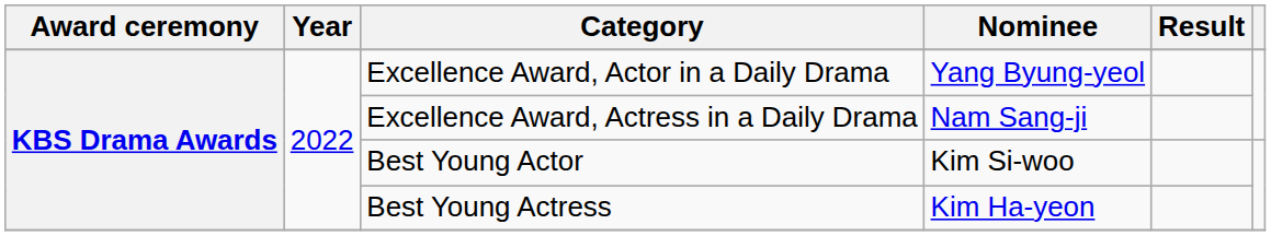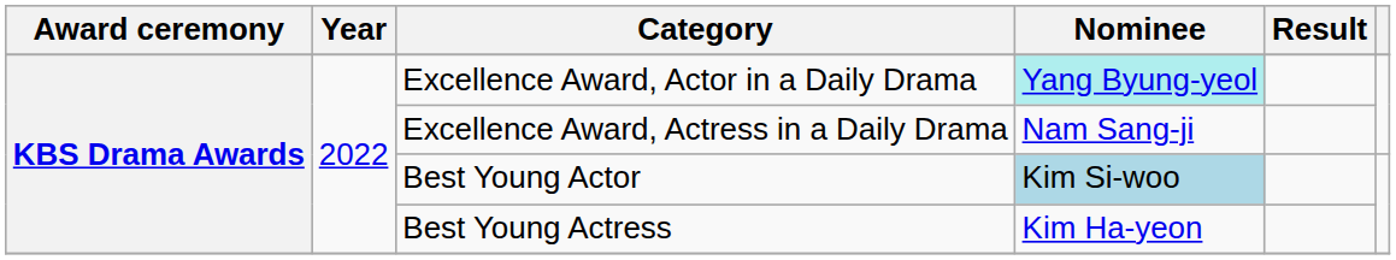 <table class="wikitable plainrowheaders sortable">
 <tr>
 <th scope="col">Award ceremony</th>
 <th scope="col">Year</th>
 <th scope="col">Category</th>
 <th scope="col">Nominee</th>
 <th scope="col">Result</th>
 <th scope="col" class="unsortable"></th>
 </tr>
 <tr>
 </tr>
 <tr>
 <th scope="row"  rowspan="4"><a href='#'>KBS Drama Awards</a></th>
 <td rowspan="4"><a href='#'>2022</a></td>
 <td>Excellence Award, Actor in a Daily Drama</td>
-<td><a href='#'>Yang Byung-yeol</a></td>
+<td style="background: paleturquoise;"><a href='#'>Yang Byung-yeol</a></td>
 <td></td>
 <td style="text-align:center"rowspan="2"></td>
 </tr>
 <tr>
 <td>Excellence Award, Actress in a Daily Drama</td>
 <td><a href='#'>Nam Sang-ji</a></td>
 <td></td>
 </tr>
 <tr>
 <td>Best Young Actor</td>
-<td>Kim Si-woo</td>
+<td style="background: lightblue;">Kim Si-woo</td>
 <td></td>
 <td style="text-align:center"rowspan="2"></td>
 </tr>
 <tr>
 <td>Best Young Actress</td>
 <td><a href='#'>Kim Ha-yeon</a></td>
 <td></td>
 </tr>
 <tr>
 </tr>
 </table>
